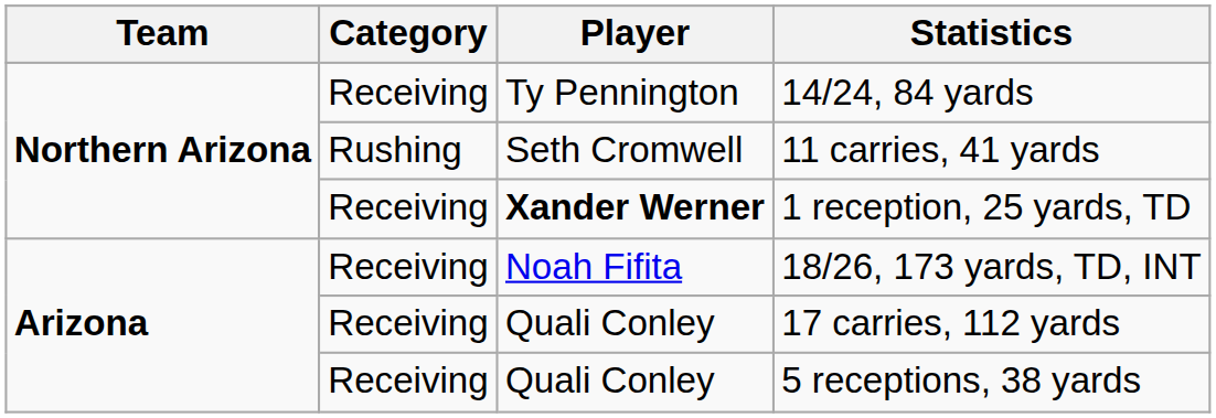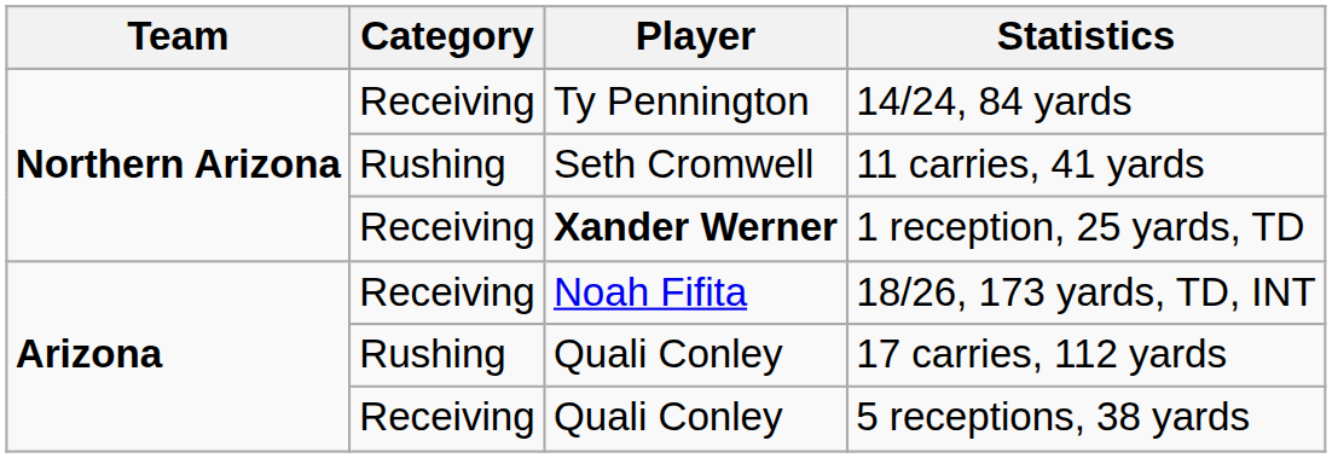 <table class="wikitable" style="float: right;">
 <tr>
 <th>Team</th>
 <th>Category</th>
 <th>Player</th>
 <th>Statistics</th>
 </tr>
 <tr>
 <td rowspan=3><strong>Northern Arizona</strong></td>
 <td>Receiving</td>
 <td>Ty Pennington</td>
 <td>14/24, 84 yards</td>
 </tr>
 <tr>
 <td>Rushing</td>
 <td>Seth Cromwell</td>
 <td>11 carries, 41 yards</td>
 </tr>
 <tr>
 <td>Receiving</td>
 <td><strong>Xander Werner</strong></td>
 <td>1 reception, 25 yards, TD</td>
 </tr>
 <tr>
 <td rowspan=3><strong>Arizona</strong></td>
 <td>Receiving</td>
 <td><a href='#'>Noah Fifita</a></td>
 <td>18/26, 173 yards, TD, INT</td>
 </tr>
 <tr>
-<td>Receiving</td>
+<td>Rushing</td>
 <td>Quali Conley</td>
 <td>17 carries, 112 yards</td>
 </tr>
 <tr>
 <td>Receiving</td>
 <td>Quali Conley</td>
 <td>5 receptions, 38 yards</td>
 </tr>
 </table>
